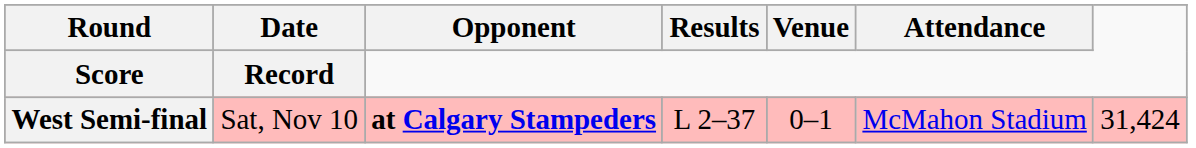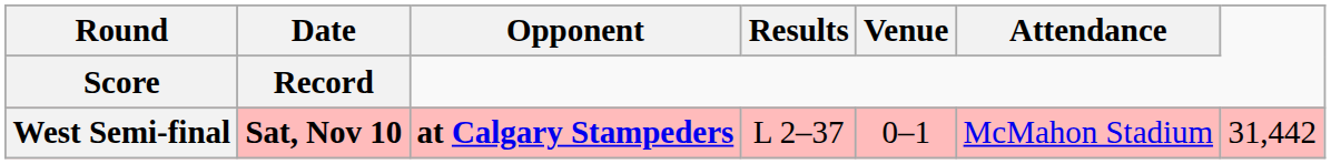 <table class="wikitable" style="text-align:center">
 <tr>
 <th>Round</th>
 <th>Date</th>
 <th>Opponent</th>
 <th>Results</th>
 <th>Venue</th>
 <th>Attendance</th>
 </tr>
 <tr>
 <th>Score</th>
 <th>Record</th>
 </tr>
 <tr style="background:#ffbbbb">
 <th>West Semi-final</th>
-<td>Sat, Nov 10</td>
+<td><strong>Sat, Nov 10</strong></td>
 <td><strong>at <a href='#'>Calgary Stampeders</a></strong></td>
 <td>L 2–37</td>
 <td>0–1</td>
 <td><a href='#'>McMahon Stadium</a></td>
-<td>31,424</td>
+<td>31,442</td>
 </tr>
 </table>
